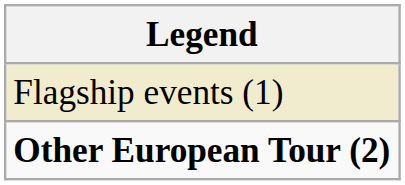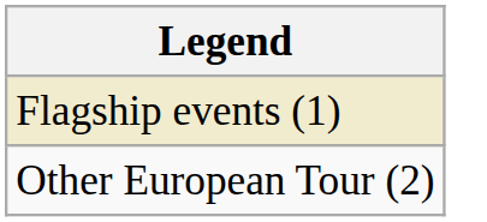 <table class="wikitable" style="font-size:95%;">
 <tr>
 <th>Legend</th>
 </tr>
 <tr style="background:#f2ecce;">
 <td>Flagship events (1)</td>
 </tr>
 <tr>
-<td><strong>Other European Tour (2)</strong></td>
+<td>Other European Tour (2)</td>
 </tr>
 </table>
